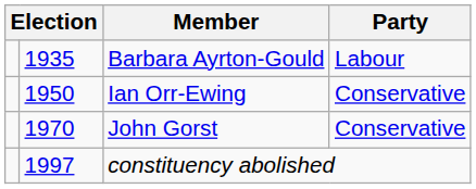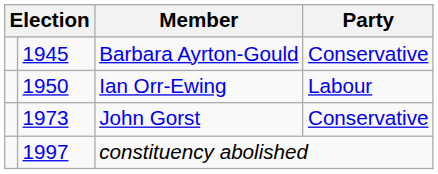 <table class="wikitable">
 <tr>
 <th colspan="2">Election</th>
 <th>Member</th>
 <th>Party</th>
 </tr>
 <tr>
 <td style="color:inherit;background-color: "></td>
-<td><a href='#'>1935</a></td>
+<td><a href='#'>1945</a></td>
 <td><a href='#'>Barbara Ayrton-Gould</a></td>
-<td><a href='#'>Labour</a></td>
+<td><a href='#'>Conservative</a></td>
 </tr>
 <tr>
 <td style="color:inherit;background-color: "></td>
 <td><a href='#'>1950</a></td>
 <td><a href='#'>Ian Orr-Ewing</a></td>
-<td><a href='#'>Conservative</a></td>
+<td><a href='#'>Labour</a></td>
 </tr>
 <tr>
 <td style="color:inherit;background-color: "></td>
-<td><a href='#'>1970</a></td>
+<td><a href='#'>1973</a></td>
 <td><a href='#'>John Gorst</a></td>
 <td><a href='#'>Conservative</a></td>
 </tr>
 <tr>
 <td></td>
 <td><a href='#'>1997</a></td>
 <td colspan="2"><em>constituency abolished</em></td>
 </tr>
 </table>
